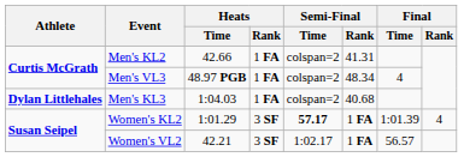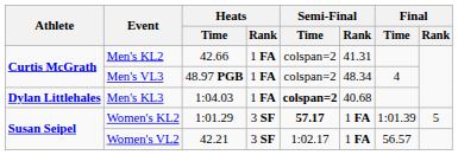 <table class=wikitable style=font-size:90%;text-align:center>
 <tr>
 <th rowspan=2>Athlete</th>
 <th rowspan=2>Event</th>
 <th colspan=2>Heats</th>
 <th colspan=2>Semi-Final</th>
 <th colspan=2>Final</th>
 </tr>
 <tr style=font-size:95%>
 <th>Time</th>
 <th>Rank</th>
 <th>Time</th>
 <th>Rank</th>
 <th>Time</th>
 <th>Rank</th>
 </tr>
 <tr>
 <td align=left rowspan=2><strong><a href='#'>Curtis McGrath</a></strong></td>
 <td align=left><a href='#'>Men's KL2</a></td>
 <td>42.66</td>
 <td>1 <strong>FA</strong></td>
 <td>colspan=2 </td>
 <td>41.31</td>
 <td></td>
 </tr>
 <tr>
 <td align=left><a href='#'>Men's VL3</a></td>
 <td>48.97 <strong>PGB</strong></td>
 <td>1 <strong>FA</strong></td>
 <td>colspan=2 </td>
 <td>48.34</td>
 <td>4</td>
 </tr>
 <tr>
 <td align=left><strong><a href='#'>Dylan Littlehales</a></strong></td>
 <td align=left><a href='#'>Men's KL3</a></td>
 <td>1:04.03</td>
 <td>1  <strong>FA</strong></td>
-<td>colspan=2 </td>
+<td><strong>colspan=2 </strong></td>
 <td>40.68</td>
 <td></td>
 </tr>
 <tr>
 <td align=left rowspan=2><strong><a href='#'>Susan Seipel</a></strong></td>
 <td align=left><a href='#'>Women's KL2</a></td>
 <td>1:01.29</td>
 <td>3 <strong>SF</strong></td>
 <td><strong>57.17</strong></td>
 <td>1 <strong>FA</strong></td>
 <td>1:01.39</td>
-<td>4</td>
+<td>5</td>
 </tr>
 <tr>
 <td align=left><a href='#'>Women's VL2</a></td>
 <td>42.21</td>
 <td>3 <strong>SF</strong></td>
 <td>1:02.17</td>
 <td>1 <strong>FA</strong></td>
 <td>56.57</td>
 <td></td>
 </tr>
 </table>
